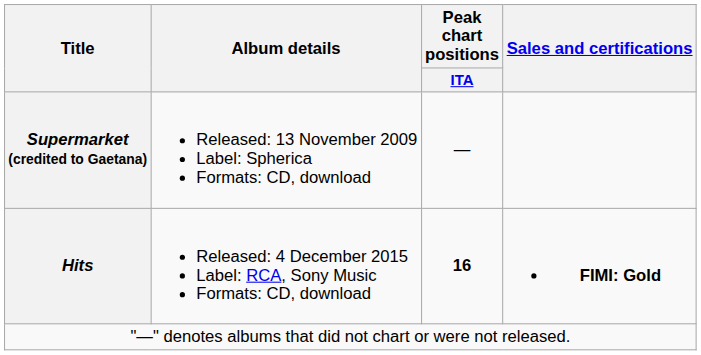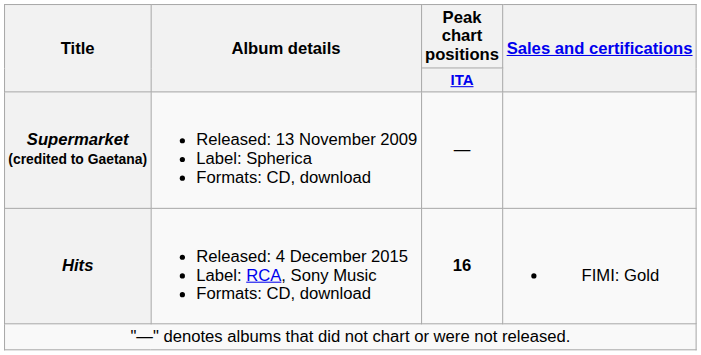 <table class="wikitable plainrowheaders" style="text-align:center;" border="1">
 <tr>
 <th scope="column" rowspan="2">Title</th>
 <th scope="column" rowspan="2">Album details</th>
 <th scope="column" colspan="1">Peak chart positions</th>
 <th scope="column" rowspan="2"><a href='#'>Sales and certifications</a></th>
 </tr>
 <tr>
 <th scope="col" style="width:3em;font-size:90%;"><a href='#'>ITA</a><br></th>
 </tr>
 <tr>
 <th scope="row"><em>Supermarket</em><br><small>(credited to Gaetana)</small></th>
 <td style="text-align:left;"><br><ul><li>Released: 13 November 2009</li><li>Label: Spherica</li><li>Formats: CD, download</li></ul></td>
 <td>—</td>
 <td></td>
 </tr>
 <tr>
 <th scope="row"><em>Hits</em></th>
 <td style="text-align:left;"><br><ul><li>Released: 4 December 2015</li><li>Label: <a href='#'>RCA</a>, Sony Music</li><li>Formats: CD, download</li></ul></td>
 <td><strong>16</strong></td>
-<td><strong><br><ul><li>FIMI: Gold</li></ul></strong></td>
+<td><br><ul><li>FIMI: Gold</li></ul></td>
 </tr>
 <tr>
 <td colspan="7">"—" denotes albums that did not chart or were not released.</td>
 </tr>
 </table>
